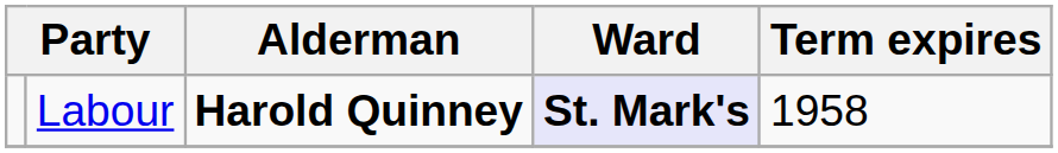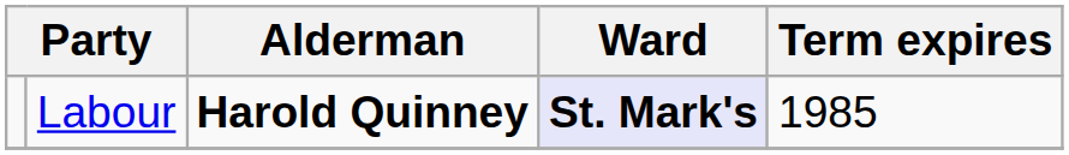 <table class="wikitable">
 <tr>
 <th colspan="2">Party</th>
 <th>Alderman</th>
 <th>Ward</th>
 <th>Term expires</th>
 </tr>
 <tr>
 <td style="background-color:"></td>
 <td><a href='#'>Labour</a></td>
 <td><strong>Harold Quinney</strong></td>
 <td style="background: lavender;"><strong>St. Mark's</strong></td>
-<td>1958</td>
+<td>1985</td>
 </tr>
 <tr>
 </tr>
 </table>
